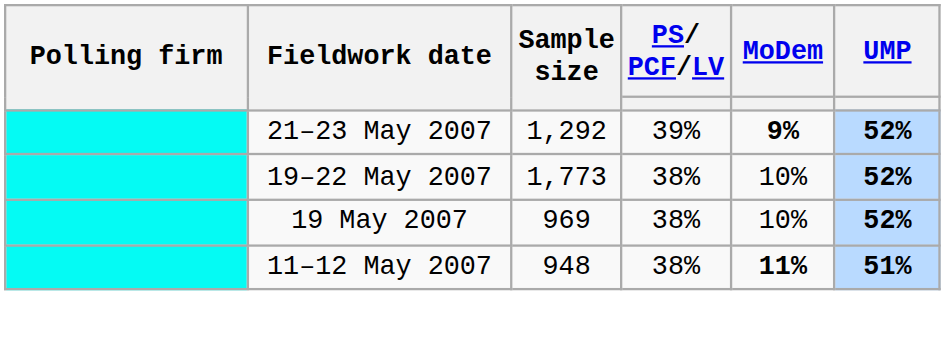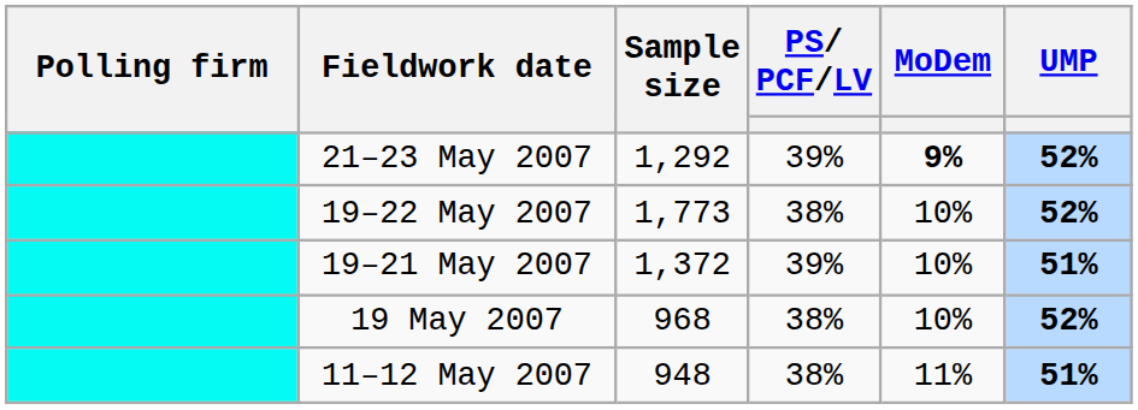 <table class="wikitable sortable" style="text-align:center;font-size:90%;line-height:14px;">
 <tr style="height:40px;">
 <th style="width:100px;" rowspan="2">Polling firm</th>
 <th style="width:110px;" rowspan="2">Fieldwork date</th>
 <th style="width:35px;" rowspan="2">Sample<br>size</th>
 <th class="unsortable" style="width:40px;"><a href='#'>PS</a>/<br><a href='#'>PCF</a>/<a href='#'>LV</a></th>
 <th class="unsortable" style="width:40px;"><a href='#'>MoDem</a></th>
 <th class="unsortable" style="width:40px;"><a href='#'>UMP</a></th>
 </tr>
 <tr>
 <th style="background:"></th>
 <th style="background:"></th>
 <th style="background:"></th>
 </tr>
 <tr>
 <td style="background:#04FBF4;"></td>
 <td data-sort-value="2007-05-23">21–23 May 2007</td>
 <td>1,292</td>
 <td>39%</td>
 <td><strong>9%</strong></td>
 <td style="background:#B9DAFF;"><strong>52%</strong></td>
 </tr>
 <tr>
 <td style="background:#04FBF4;"></td>
 <td data-sort-value="2007-05-22">19–22 May 2007</td>
 <td>1,773</td>
 <td>38%</td>
 <td>10%</td>
 <td style="background:#B9DAFF;"><strong>52%</strong></td>
 </tr>
 <tr>
 <td style="background:#04FBF4;"></td>
+<td data-sort-value="2007-05-21">19–21 May 2007</td>
+<td>1,372</td>
+<td>39%</td>
+<td>10%</td>
+<td style="background:#B9DAFF;"><strong>51%</strong></td>
+</tr>
+<tr>
+<td style="background:#04FBF4;"></td>
 <td data-sort-value="2007-05-19">19 May 2007</td>
-<td>969</td>
+<td>968</td>
 <td>38%</td>
 <td>10%</td>
 <td style="background:#B9DAFF;"><strong>52%</strong></td>
 </tr>
 <tr>
 <td style="background:#04FBF4;"></td>
 <td data-sort-value="2007-05-12">11–12 May 2007</td>
 <td>948</td>
 <td>38%</td>
-<td><strong>11%</strong></td>
+<td>11%</td>
 <td style="background:#B9DAFF;"><strong>51%</strong></td>
 </tr>
 </table>
